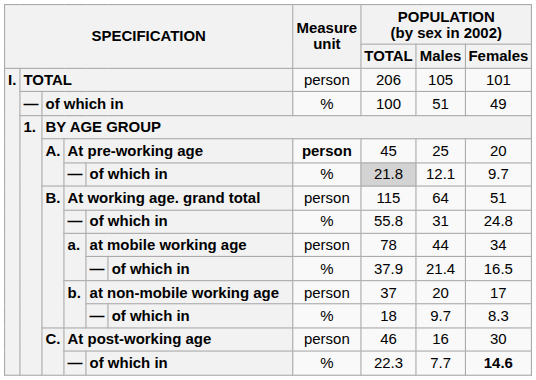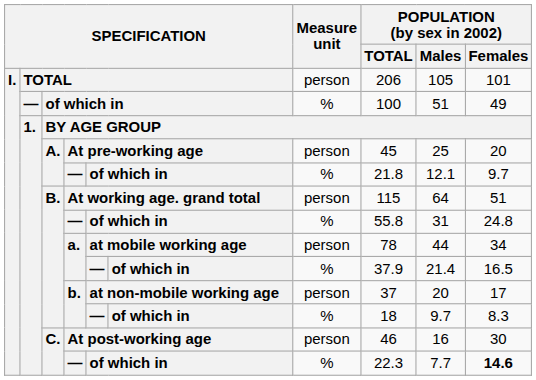 <table class="wikitable" style="font-size:85%; text-align:center">
 <tr>
 <th rowspan="2" colspan="6">SPECIFICATION</th>
 <th rowspan="2">Measure<br> unit</th>
 <th colspan="3" rowspan="1">POPULATION<br> (by sex in 2002)</th>
 </tr>
 <tr>
 <th>TOTAL</th>
 <th>Males</th>
 <th>Females</th>
 </tr>
 <tr>
 <th style="text-align:left" valign="top" rowspan="13">I.</th>
 <th style="text-align:left" colspan="5">TOTAL</th>
 <td>person</td>
 <td>206</td>
 <td>105</td>
 <td>101</td>
 </tr>
 <tr>
 <th style="text-align:left" valign="top">—</th>
 <th style="text-align:left" colspan="4">of which in</th>
 <td>%</td>
 <td>100</td>
 <td>51</td>
 <td>49</td>
 </tr>
 <tr>
 <th style="text-align:left" valign="top" rowspan="11">1.</th>
 <th style="text-align:left" colspan="19">BY AGE GROUP</th>
 </tr>
 <tr>
 <th style="text-align:left" valign="top" rowspan="2">A.</th>
 <th style="text-align:left" colspan="3">At pre-working age</th>
-<td><strong>person</strong></td>
+<td>person</td>
 <td>45</td>
 <td>25</td>
 <td>20</td>
 </tr>
 <tr>
 <th style="text-align:left" valign="top">—</th>
 <th style="text-align:left" valign="top" colspan="2">of which in</th>
 <td>%</td>
-<td style="background: lightgrey;">21.8</td>
+<td>21.8</td>
 <td>12.1</td>
 <td>9.7</td>
 </tr>
 <tr>
 <th style="text-align:left" valign="top" rowspan="6">B.</th>
 <th style="text-align:left" colspan="3">At working age. grand total</th>
 <td>person</td>
 <td>115</td>
 <td>64</td>
 <td>51</td>
 </tr>
 <tr>
 <th style="text-align:left" valign="top">—</th>
 <th style="text-align:left" valign="top" colspan="2">of which in</th>
 <td>%</td>
 <td>55.8</td>
 <td>31</td>
 <td>24.8</td>
 </tr>
 <tr>
 <th style="text-align:left" valign="top" rowspan="2">a.</th>
 <th style="text-align:left" colspan="2">at mobile working age</th>
 <td>person</td>
 <td>78</td>
 <td>44</td>
 <td>34</td>
 </tr>
 <tr>
 <th style="text-align:left" valign="top">—</th>
 <th style="text-align:left" valign="top" colspan="1">of which in                        </th>
 <td>%</td>
 <td>37.9</td>
 <td>21.4</td>
 <td>16.5</td>
 </tr>
 <tr>
 <th style="text-align:left" valign="top" rowspan="2">b.</th>
 <th style="text-align:left" colspan="2">at non-mobile working age</th>
 <td>person</td>
 <td>37</td>
 <td>20</td>
 <td>17</td>
 </tr>
 <tr>
 <th style="text-align:left" valign="top">—</th>
 <th style="text-align:left" valign="top" colspan="1">of which in                        </th>
 <td>%</td>
 <td>18</td>
 <td>9.7</td>
 <td>8.3</td>
 </tr>
 <tr>
 <th style="text-align:left" valign="top" rowspan="2">C.</th>
 <th style="text-align:left" colspan="3">At post-working age</th>
 <td>person</td>
 <td>46</td>
 <td>16</td>
 <td>30</td>
 </tr>
 <tr>
 <th style="text-align:left" valign="top">—</th>
 <th style="text-align:left" valign="top" colspan="2">of which in</th>
 <td>%</td>
 <td>22.3</td>
 <td>7.7</td>
 <td><strong>14.6</strong></td>
 </tr>
 </table>
